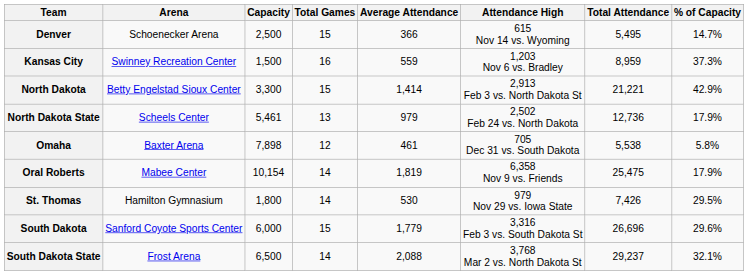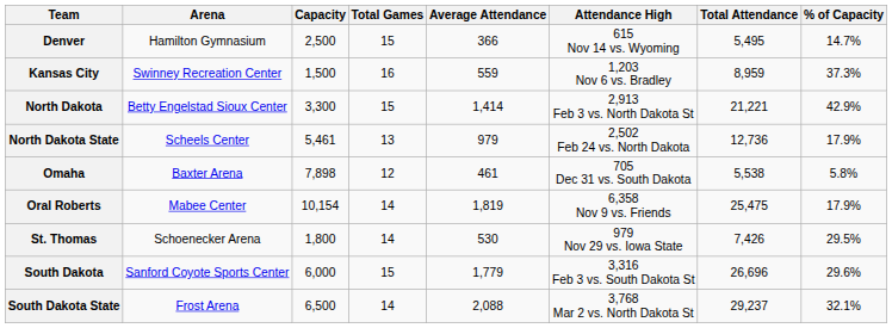 <table class="wikitable sortable" style="text-align:center">
 <tr>
 <th>Team</th>
 <th>Arena</th>
 <th>Capacity</th>
 <th>Total Games</th>
 <th>Average Attendance</th>
 <th>Attendance High</th>
 <th>Total Attendance</th>
 <th>% of Capacity</th>
 </tr>
 <tr>
 <th>Denver</th>
-<td>Schoenecker Arena</td>
+<td>Hamilton Gymnasium</td>
 <td>2,500</td>
 <td>15</td>
 <td>366</td>
 <td>615<br>Nov 14 vs. Wyoming</td>
 <td>5,495</td>
 <td>14.7%</td>
 </tr>
 <tr>
 <th>Kansas City</th>
 <td><a href='#'>Swinney Recreation Center</a></td>
 <td>1,500</td>
 <td>16</td>
 <td>559</td>
 <td>1,203<br>Nov 6 vs. Bradley</td>
 <td>8,959</td>
 <td>37.3%</td>
 </tr>
 <tr>
 <th>North Dakota</th>
 <td><a href='#'>Betty Engelstad Sioux Center</a></td>
 <td>3,300</td>
 <td>15</td>
 <td>1,414</td>
 <td>2,913<br>Feb 3 vs. North Dakota St</td>
 <td>21,221</td>
 <td>42.9%</td>
 </tr>
 <tr>
 <th>North Dakota State</th>
 <td><a href='#'>Scheels Center</a></td>
 <td>5,461</td>
 <td>13</td>
 <td>979</td>
 <td>2,502<br>Feb 24 vs. North Dakota</td>
 <td>12,736</td>
 <td>17.9%</td>
 </tr>
 <tr>
 <th>Omaha</th>
 <td><a href='#'>Baxter Arena</a></td>
 <td>7,898</td>
 <td>12</td>
 <td>461</td>
 <td>705<br>Dec 31 vs. South Dakota</td>
 <td>5,538</td>
 <td>5.8%</td>
 </tr>
 <tr>
 <th>Oral Roberts</th>
 <td><a href='#'>Mabee Center</a></td>
 <td>10,154</td>
 <td>14</td>
 <td>1,819</td>
 <td>6,358<br>Nov 9 vs. Friends</td>
 <td>25,475</td>
 <td>17.9%</td>
 </tr>
 <tr>
 <th>St. Thomas</th>
-<td>Hamilton Gymnasium</td>
+<td>Schoenecker Arena</td>
 <td>1,800</td>
 <td>14</td>
 <td>530</td>
 <td>979<br>Nov 29 vs. Iowa State</td>
 <td>7,426</td>
 <td>29.5%</td>
 </tr>
 <tr>
 <th>South Dakota</th>
 <td><a href='#'>Sanford Coyote Sports Center</a></td>
 <td>6,000</td>
 <td>15</td>
 <td>1,779</td>
 <td>3,316<br>Feb 3 vs. South Dakota St</td>
 <td>26,696</td>
 <td>29.6%</td>
 </tr>
 <tr>
 <th>South Dakota State</th>
 <td><a href='#'>Frost Arena</a></td>
 <td>6,500</td>
 <td>14</td>
 <td>2,088</td>
 <td>3,768<br>Mar 2 vs. North Dakota St</td>
 <td>29,237</td>
 <td>32.1%</td>
 </tr>
 </table>
